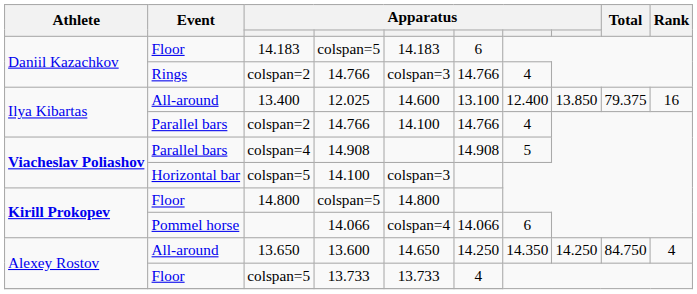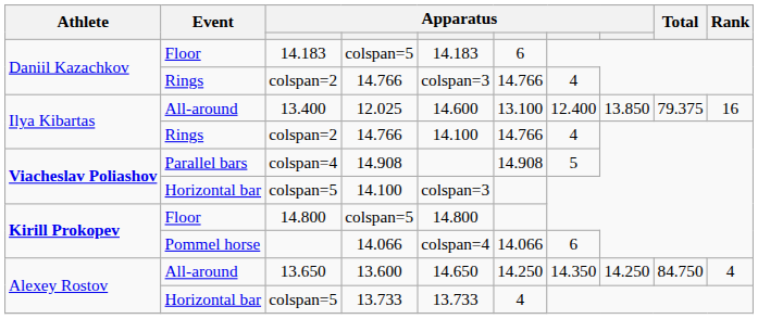 <table class="wikitable" style="text-align:center; font-size:90%">
 <tr>
 <th rowspan=2>Athlete</th>
 <th rowspan=2>Event</th>
 <th colspan =6>Apparatus</th>
 <th rowspan=2>Total</th>
 <th rowspan=2>Rank</th>
 </tr>
 <tr style="font-size:95%">
 <th></th>
 <th></th>
 <th></th>
 <th></th>
 <th></th>
 <th></th>
 </tr>
 <tr>
 <td align=left rowspan=2><a href='#'>Daniil Kazachkov</a></td>
 <td align=left><a href='#'>Floor</a></td>
 <td>14.183</td>
 <td>colspan=5 </td>
 <td>14.183</td>
 <td>6</td>
 </tr>
 <tr>
 <td align=left><a href='#'>Rings</a></td>
 <td>colspan=2 </td>
 <td>14.766</td>
 <td>colspan=3 </td>
 <td>14.766</td>
 <td>4</td>
 </tr>
 <tr>
 <td align=left rowspan=2><a href='#'>Ilya Kibartas</a></td>
 <td align=left><a href='#'>All-around</a></td>
 <td>13.400</td>
 <td>12.025</td>
 <td>14.600</td>
 <td>13.100</td>
 <td>12.400</td>
 <td>13.850</td>
 <td>79.375</td>
 <td>16</td>
 </tr>
 <tr>
-<td align=left><a href='#'>Parallel bars</a></td>
+<td align=left><a href='#'>Rings</a></td>
 <td>colspan=2 </td>
 <td>14.766</td>
 <td>14.100</td>
 <td>14.766</td>
 <td>4</td>
 </tr>
 <tr align="center">
 <td rowspan="2"><strong><a href='#'>Viacheslav Poliashov</a></strong></td>
 <td align=left><a href='#'>Parallel bars</a></td>
 <td>colspan=4 </td>
 <td>14.908</td>
 <td></td>
 <td>14.908</td>
 <td>5</td>
 </tr>
 <tr align="center">
 <td align=left><a href='#'>Horizontal bar</a></td>
 <td>colspan=5 </td>
 <td>14.100</td>
 <td>colspan=3 </td>
 <td></td>
 </tr>
 <tr>
 <td align=left rowspan=2><strong><a href='#'>Kirill Prokopev</a></strong></td>
 <td align=left><a href='#'>Floor</a></td>
 <td>14.800</td>
 <td>colspan=5 </td>
 <td>14.800</td>
 <td></td>
 </tr>
 <tr>
 <td align=left><a href='#'>Pommel horse</a></td>
 <td></td>
 <td>14.066</td>
 <td>colspan=4 </td>
 <td>14.066</td>
 <td>6</td>
 </tr>
 <tr>
 <td align=left rowspan=2><a href='#'>Alexey Rostov</a></td>
 <td align=left><a href='#'>All-around</a></td>
 <td>13.650</td>
 <td>13.600</td>
 <td>14.650</td>
 <td>14.250</td>
 <td>14.350</td>
 <td>14.250</td>
 <td>84.750</td>
 <td>4</td>
 </tr>
 <tr>
-<td align=left><a href='#'>Floor</a></td>
+<td align=left><a href='#'>Horizontal bar</a></td>
 <td>colspan=5 </td>
 <td>13.733</td>
 <td>13.733</td>
 <td>4</td>
 </tr>
 <tr>
 </tr>
 </table>
